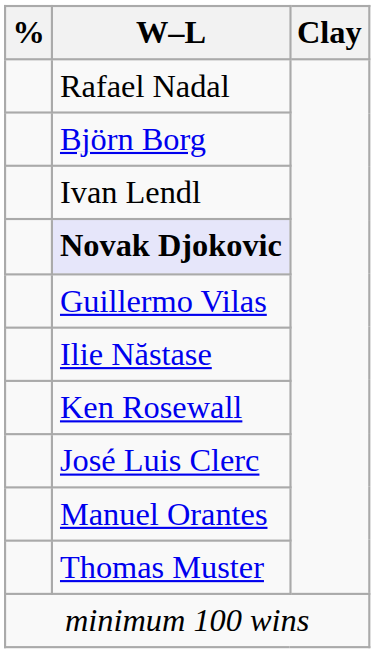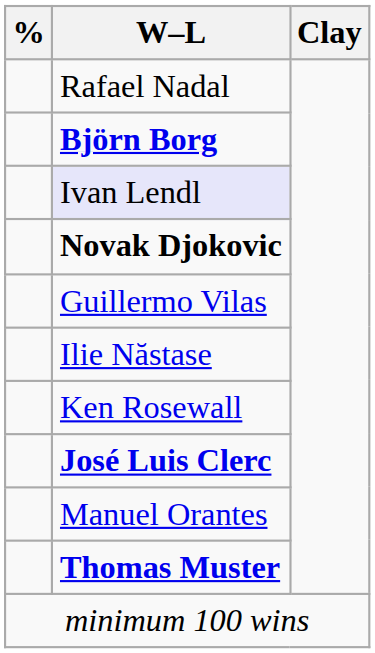 <table class="wikitable" style="display:inline-table; font-size: 95%;">
 <tr>
 <th>%</th>
 <th>W–L</th>
 <th>Clay</th>
 </tr>
 <tr>
 <td></td>
 <td> Rafael Nadal</td>
 </tr>
 <tr>
 <td></td>
-<td> <a href='#'>Björn Borg</a></td>
+<td><strong> <a href='#'>Björn Borg</a></strong></td>
 </tr>
 <tr>
 <td></td>
-<td> Ivan Lendl</td>
+<td style="background: lavender;"> Ivan Lendl</td>
 </tr>
 <tr>
 <td></td>
-<td style="background: lavender;"><strong> Novak Djokovic</strong></td>
+<td><strong> Novak Djokovic</strong></td>
 </tr>
 <tr>
 <td></td>
 <td> <a href='#'>Guillermo Vilas</a></td>
 </tr>
 <tr>
 <td>  </td>
 <td> <a href='#'>Ilie Năstase</a></td>
 </tr>
 <tr>
 <td></td>
 <td> <a href='#'>Ken Rosewall</a></td>
 </tr>
 <tr>
 <td></td>
-<td> <a href='#'>José Luis Clerc</a></td>
+<td><strong> <a href='#'>José Luis Clerc</a></strong></td>
 </tr>
 <tr>
 <td></td>
 <td> <a href='#'>Manuel Orantes</a></td>
 </tr>
 <tr>
 <td></td>
-<td> <a href='#'>Thomas Muster</a></td>
+<td><strong> <a href='#'>Thomas Muster</a></strong></td>
 </tr>
 <tr>
 <td colspan="3" style="text-align: center;"><em>minimum 100 wins</em></td>
 </tr>
 </table>
